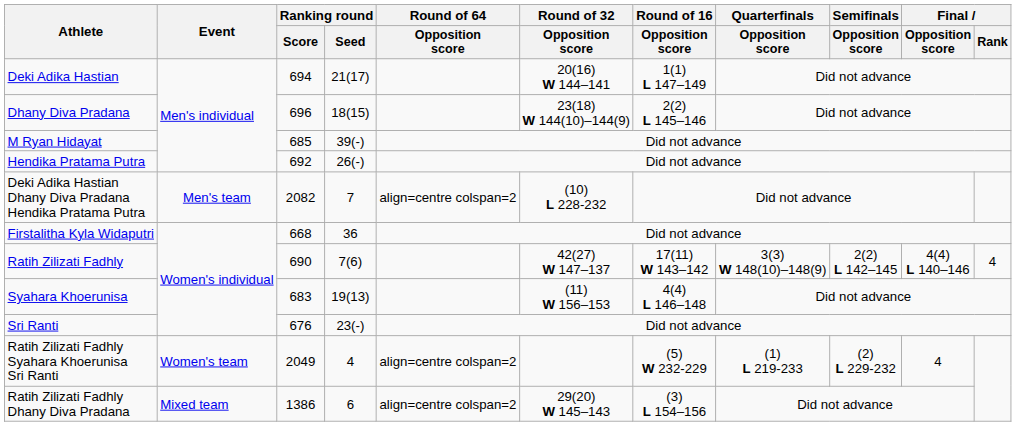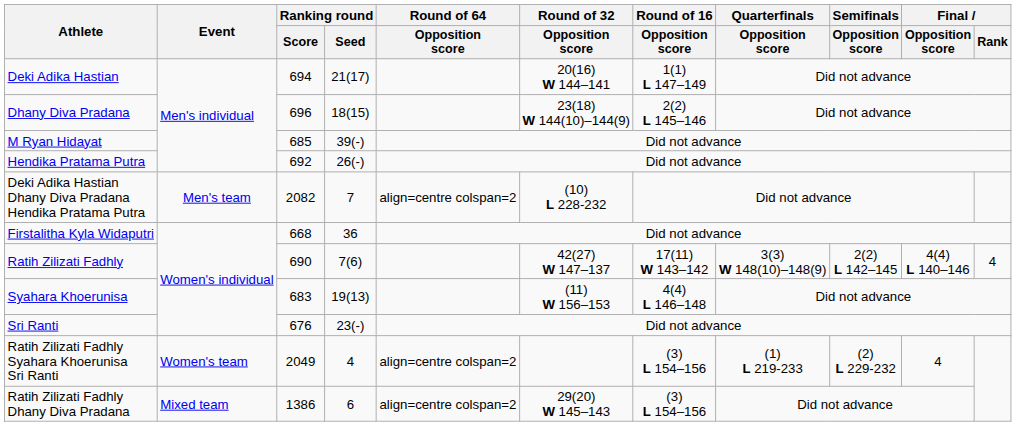 <table class="wikitable" style="font-size:90%; text-align:center;">
 <tr>
 <th rowspan="2">Athlete</th>
 <th rowspan="2">Event</th>
 <th colspan="2">Ranking round</th>
 <th>Round of 64</th>
 <th>Round of 32</th>
 <th>Round of 16</th>
 <th>Quarterfinals</th>
 <th>Semifinals</th>
 <th colspan=2>Final / </th>
 </tr>
 <tr style=font-size:95%>
 <th>Score</th>
 <th>Seed</th>
 <th>Opposition<br> score</th>
 <th>Opposition<br> score</th>
 <th>Opposition<br> score</th>
 <th>Opposition<br> score</th>
 <th>Opposition<br> score</th>
 <th>Opposition<br> score</th>
 <th>Rank</th>
 </tr>
 <tr>
 <td align=left><a href='#'>Deki Adika Hastian</a></td>
 <td align=left rowspan=4><a href='#'>Men's individual</a></td>
 <td>694</td>
 <td>21(17)</td>
 <td></td>
 <td> 20(16) <br><strong>W</strong> 144–141</td>
 <td> 1(1) <br><strong>L</strong> 147–149</td>
 <td colspan=4>Did not advance</td>
 </tr>
 <tr>
 <td align=left><a href='#'>Dhany Diva Pradana</a></td>
 <td>696</td>
 <td>18(15)</td>
 <td></td>
 <td> 23(18) <br><strong>W</strong> 144(10)–144(9)</td>
 <td> 2(2) <br><strong>L</strong> 145–146</td>
 <td colspan=4>Did not advance</td>
 </tr>
 <tr>
 <td align=left><a href='#'>M Ryan Hidayat</a></td>
 <td>685</td>
 <td>39(-)</td>
 <td colspan=7>Did not advance</td>
 </tr>
 <tr>
 <td align=left><a href='#'>Hendika Pratama Putra</a></td>
 <td>692</td>
 <td>26(-)</td>
 <td colspan=7>Did not advance</td>
 </tr>
 <tr>
 <td align=left>Deki Adika Hastian <br>Dhany Diva Pradana<br>Hendika Pratama Putra</td>
 <td><a href='#'>Men's team</a></td>
 <td>2082</td>
 <td>7</td>
 <td>align=centre colspan=2 </td>
 <td> (10) <br><strong>L</strong> 228-232</td>
 <td colspan=4>Did not advance</td>
 </tr>
 <tr>
 <td align=left><a href='#'>Firstalitha Kyla Widaputri</a></td>
 <td align=left rowspan=4><a href='#'>Women's individual</a></td>
 <td>668</td>
 <td>36</td>
 <td colspan=7>Did not advance</td>
 </tr>
 <tr>
 <td align=left><a href='#'>Ratih Zilizati Fadhly</a></td>
 <td>690</td>
 <td>7(6)</td>
 <td></td>
 <td> 42(27) <br><strong>W</strong> 147–137</td>
 <td> 17(11) <br><strong>W</strong> 143–142</td>
 <td> 3(3) <br><strong>W</strong> 148(10)–148(9)</td>
 <td> 2(2) <br><strong>L</strong> 142–145</td>
 <td> 4(4) <br><strong>L</strong> 140–146</td>
 <td>4</td>
 </tr>
 <tr>
 <td align=left><a href='#'>Syahara Khoerunisa</a></td>
 <td>683</td>
 <td>19(13)</td>
 <td></td>
 <td> (11) <br> <strong>W</strong> 156–153</td>
 <td> 4(4) <br><strong>L</strong> 146–148</td>
 <td colspan=4>Did not advance</td>
 </tr>
 <tr>
 <td align=left><a href='#'>Sri Ranti</a></td>
 <td>676</td>
 <td>23(-)</td>
 <td colspan=7>Did not advance</td>
 </tr>
 <tr>
 <td align=left>Ratih Zilizati Fadhly<br>Syahara Khoerunisa<br>Sri Ranti</td>
 <td align=left><a href='#'>Women's team</a></td>
 <td>2049</td>
 <td>4</td>
 <td>align=centre colspan=2 </td>
 <td></td>
-<td> (5) <br> <strong>W</strong> 232-229</td>
+<td> (3) <br> <strong>L</strong> 154–156</td>
 <td> (1) <br> <strong>L</strong> 219-233</td>
 <td> (2) <br> <strong>L</strong> 229-232</td>
 <td>4</td>
 </tr>
 <tr>
 <td align=left>Ratih Zilizati Fadhly<br>Dhany Diva Pradana</td>
 <td align=left><a href='#'>Mixed team</a></td>
 <td>1386</td>
 <td>6</td>
 <td>align=centre colspan=2 </td>
 <td> 29(20) <br><strong>W</strong> 145–143</td>
 <td> (3) <br> <strong>L</strong> 154–156</td>
 <td colspan=3>Did not advance</td>
 </tr>
 </table>
